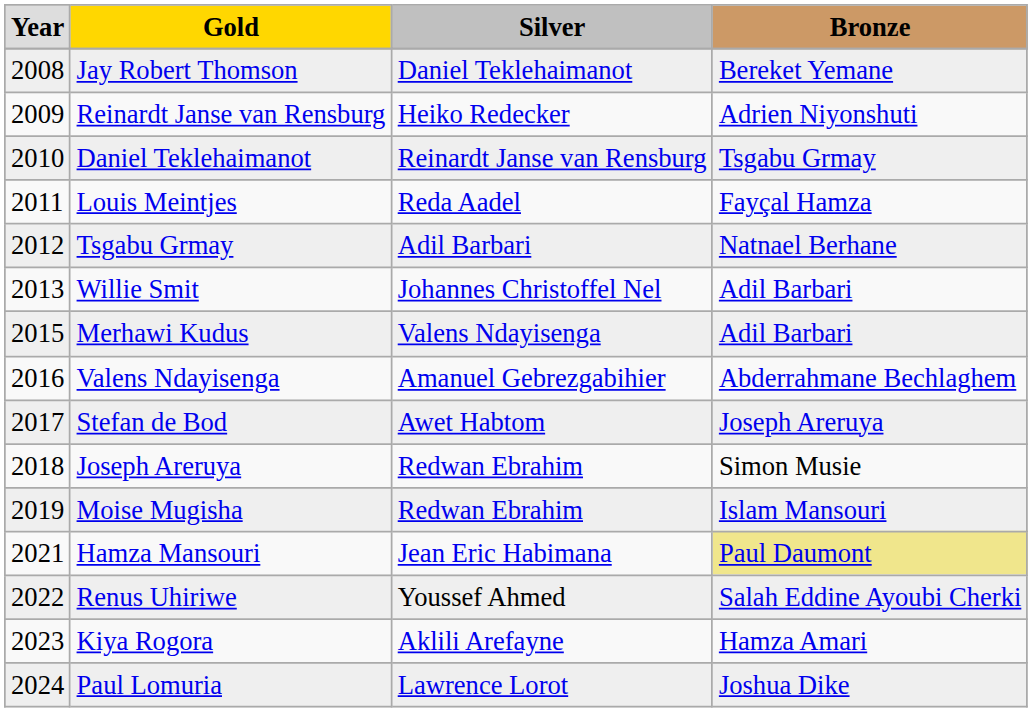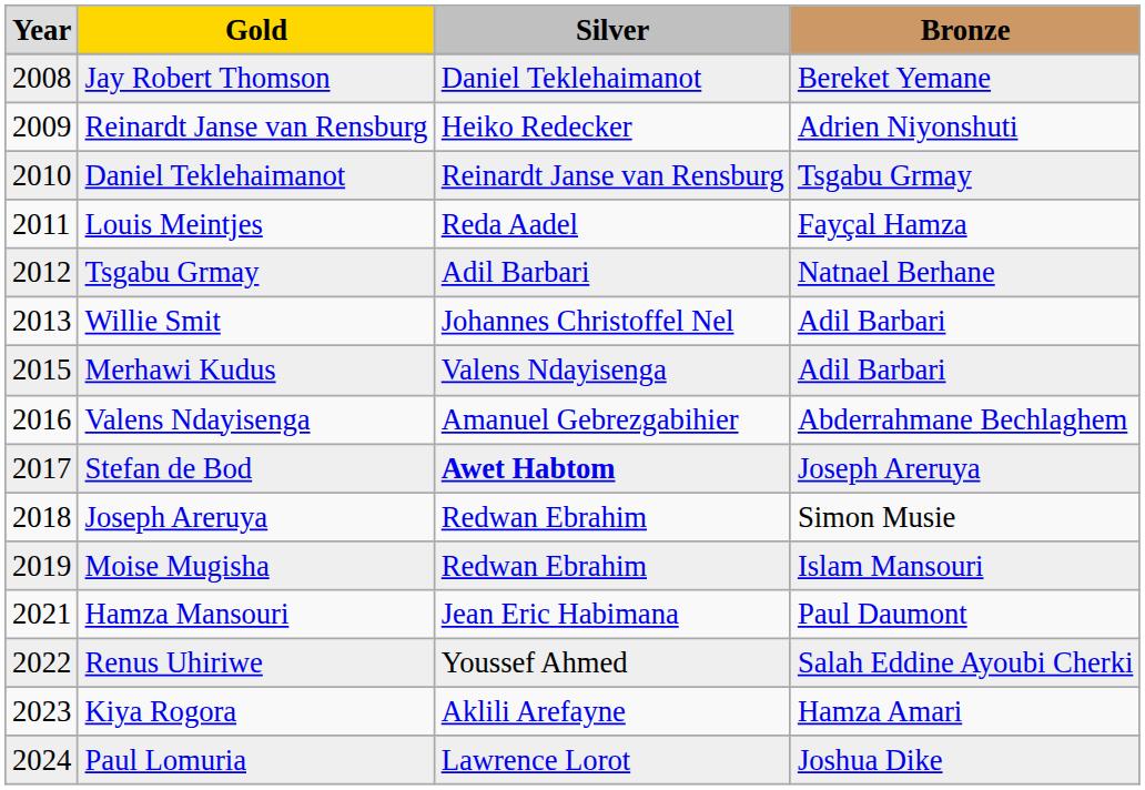 <table class="wikitable sortable" style="font-size:95%">
 <tr style="text-align:center; background:#e4e4e4; font-weight:bold;">
 <td style="background:#ddd;">Year</td>
 <td style="background:gold;">Gold</td>
 <td style="background:silver;">Silver</td>
 <td style="background:#c96;">Bronze</td>
 </tr>
 <tr style="background:#efefef;">
 </tr>
 <tr bgcolor="#EFEFEF">
 <td>2008</td>
 <td> <a href='#'>Jay Robert Thomson</a></td>
 <td> <a href='#'>Daniel Teklehaimanot</a></td>
 <td> <a href='#'>Bereket Yemane</a></td>
 </tr>
 <tr>
 <td>2009</td>
 <td> <a href='#'>Reinardt Janse van Rensburg</a></td>
 <td> <a href='#'>Heiko Redecker</a></td>
 <td> <a href='#'>Adrien Niyonshuti</a></td>
 </tr>
 <tr bgcolor="#EFEFEF">
 <td>2010</td>
 <td> <a href='#'>Daniel Teklehaimanot</a></td>
 <td> <a href='#'>Reinardt Janse van Rensburg</a></td>
 <td> <a href='#'>Tsgabu Grmay</a></td>
 </tr>
 <tr>
 <td>2011</td>
 <td> <a href='#'>Louis Meintjes</a></td>
 <td> <a href='#'>Reda Aadel</a></td>
 <td> <a href='#'>Fayçal Hamza</a></td>
 </tr>
 <tr bgcolor="#EFEFEF">
 <td>2012</td>
 <td> <a href='#'>Tsgabu Grmay</a></td>
 <td> <a href='#'>Adil Barbari</a></td>
 <td> <a href='#'>Natnael Berhane</a></td>
 </tr>
 <tr>
 <td>2013</td>
 <td> <a href='#'>Willie Smit</a></td>
 <td> <a href='#'>Johannes Christoffel Nel</a></td>
 <td> <a href='#'>Adil Barbari</a></td>
 </tr>
 <tr bgcolor="#EFEFEF">
 <td>2015</td>
 <td> <a href='#'>Merhawi Kudus</a></td>
 <td> <a href='#'>Valens Ndayisenga</a></td>
 <td> <a href='#'>Adil Barbari</a></td>
 </tr>
 <tr>
 <td>2016</td>
 <td> <a href='#'>Valens Ndayisenga</a></td>
 <td> <a href='#'>Amanuel Gebrezgabihier</a></td>
 <td> <a href='#'>Abderrahmane Bechlaghem</a></td>
 </tr>
 <tr bgcolor="#EFEFEF">
 <td>2017</td>
 <td> <a href='#'>Stefan de Bod</a></td>
-<td> <a href='#'>Awet Habtom</a></td>
+<td><strong> <a href='#'>Awet Habtom</a></strong></td>
 <td> <a href='#'>Joseph Areruya</a></td>
 </tr>
 <tr>
 <td>2018</td>
 <td> <a href='#'>Joseph Areruya</a></td>
 <td> <a href='#'>Redwan Ebrahim</a></td>
 <td> Simon Musie</td>
 </tr>
 <tr bgcolor="#EFEFEF">
 <td>2019</td>
 <td> <a href='#'>Moise Mugisha</a></td>
 <td> <a href='#'>Redwan Ebrahim</a></td>
 <td> <a href='#'>Islam Mansouri</a></td>
 </tr>
 <tr>
 <td>2021</td>
 <td> <a href='#'>Hamza Mansouri</a></td>
 <td> <a href='#'>Jean Eric Habimana</a></td>
-<td style="background: khaki;"> <a href='#'>Paul Daumont</a></td>
+<td> <a href='#'>Paul Daumont</a></td>
 </tr>
 <tr bgcolor="#EFEFEF">
 <td>2022</td>
 <td> <a href='#'>Renus Uhiriwe</a></td>
 <td> Youssef Ahmed</td>
 <td> <a href='#'>Salah Eddine Ayoubi Cherki</a></td>
 </tr>
 <tr>
 <td>2023</td>
 <td> <a href='#'>Kiya Rogora</a></td>
 <td> <a href='#'>Aklili Arefayne</a></td>
 <td> <a href='#'>Hamza Amari</a></td>
 </tr>
 <tr bgcolor="#EFEFEF">
 <td>2024</td>
 <td> <a href='#'>Paul Lomuria</a></td>
 <td> <a href='#'>Lawrence Lorot</a></td>
 <td> <a href='#'>Joshua Dike</a></td>
 </tr>
 </table>
